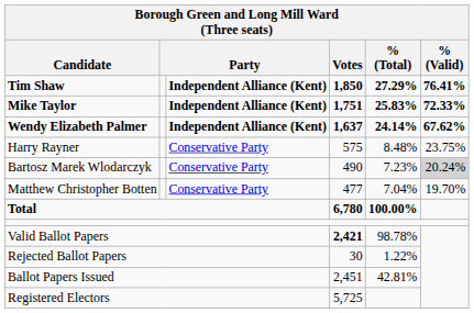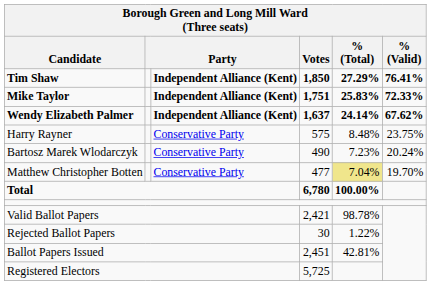 <table class="wikitable" border="1" style="text-align:right; font-size:100%">
 <tr>
 <th align=center colspan=6>Borough Green and Long Mill Ward<br>(Three seats)</th>
 </tr>
 <tr>
 <th valign=bottom>Candidate</th>
 <th valign=bottom colspan=2>Party</th>
 <th valign=bottom>Votes</th>
 <th>%<br>(Total)</th>
 <th>%<br>(Valid)</th>
 </tr>
 <tr>
 <td align=left><strong>Tim Shaw</strong></td>
 <td></td>
 <td align=left><strong>Independent Alliance (Kent)</strong></td>
 <td><strong>1,850</strong></td>
 <td><strong>27.29%</strong></td>
 <td><strong>76.41%</strong></td>
 </tr>
 <tr>
 <td align=left><strong>Mike Taylor</strong></td>
 <td></td>
 <td align=left><strong>Independent Alliance (Kent)</strong></td>
 <td><strong>1,751</strong></td>
 <td><strong>25.83%</strong></td>
 <td><strong>72.33%</strong></td>
 </tr>
 <tr>
 <td align=left><strong>Wendy Elizabeth Palmer</strong></td>
 <td></td>
 <td align=left><strong>Independent Alliance (Kent)</strong></td>
 <td><strong>1,637</strong></td>
 <td><strong>24.14%</strong></td>
 <td><strong>67.62%</strong></td>
 </tr>
 <tr>
 <td align=left>Harry Rayner</td>
 <td style="background:"></td>
 <td align=left><a href='#'>Conservative Party</a></td>
 <td>575</td>
 <td>8.48%</td>
 <td>23.75%</td>
 </tr>
 <tr>
 <td align=left>Bartosz Marek Wlodarczyk</td>
 <td style="background:"></td>
 <td align=left><a href='#'>Conservative Party</a></td>
 <td>490</td>
 <td>7.23%</td>
-<td style="background: lightgrey;">20.24%</td>
+<td>20.24%</td>
 </tr>
 <tr>
 <td align=left>Matthew Christopher Botten</td>
 <td style="background:"></td>
 <td align=left><a href='#'>Conservative Party</a></td>
 <td>477</td>
-<td>7.04%</td>
+<td style="background: khaki;">7.04%</td>
 <td>19.70%</td>
 </tr>
 <tr style="font-weight:bold">
 <td align=left colspan=3>Total</td>
 <td>6,780</td>
 <td>100.00%</td>
 <td></td>
 </tr>
 <tr>
 <td align=left colspan=6></td>
 </tr>
 <tr>
 <td align=left colspan=3>Valid Ballot Papers</td>
-<td><strong>2,421</strong></td>
+<td>2,421</td>
 <td>98.78%</td>
 <td rowspan=4></td>
 </tr>
 <tr>
 <td align=left colspan=3>Rejected Ballot Papers</td>
 <td>30</td>
 <td>1.22%</td>
 </tr>
 <tr>
 <td align=left colspan=3>Ballot Papers Issued</td>
 <td>2,451</td>
 <td>42.81%</td>
 </tr>
 <tr>
 <td align=left colspan=3>Registered Electors</td>
 <td>5,725</td>
 <td></td>
 </tr>
 </table>
